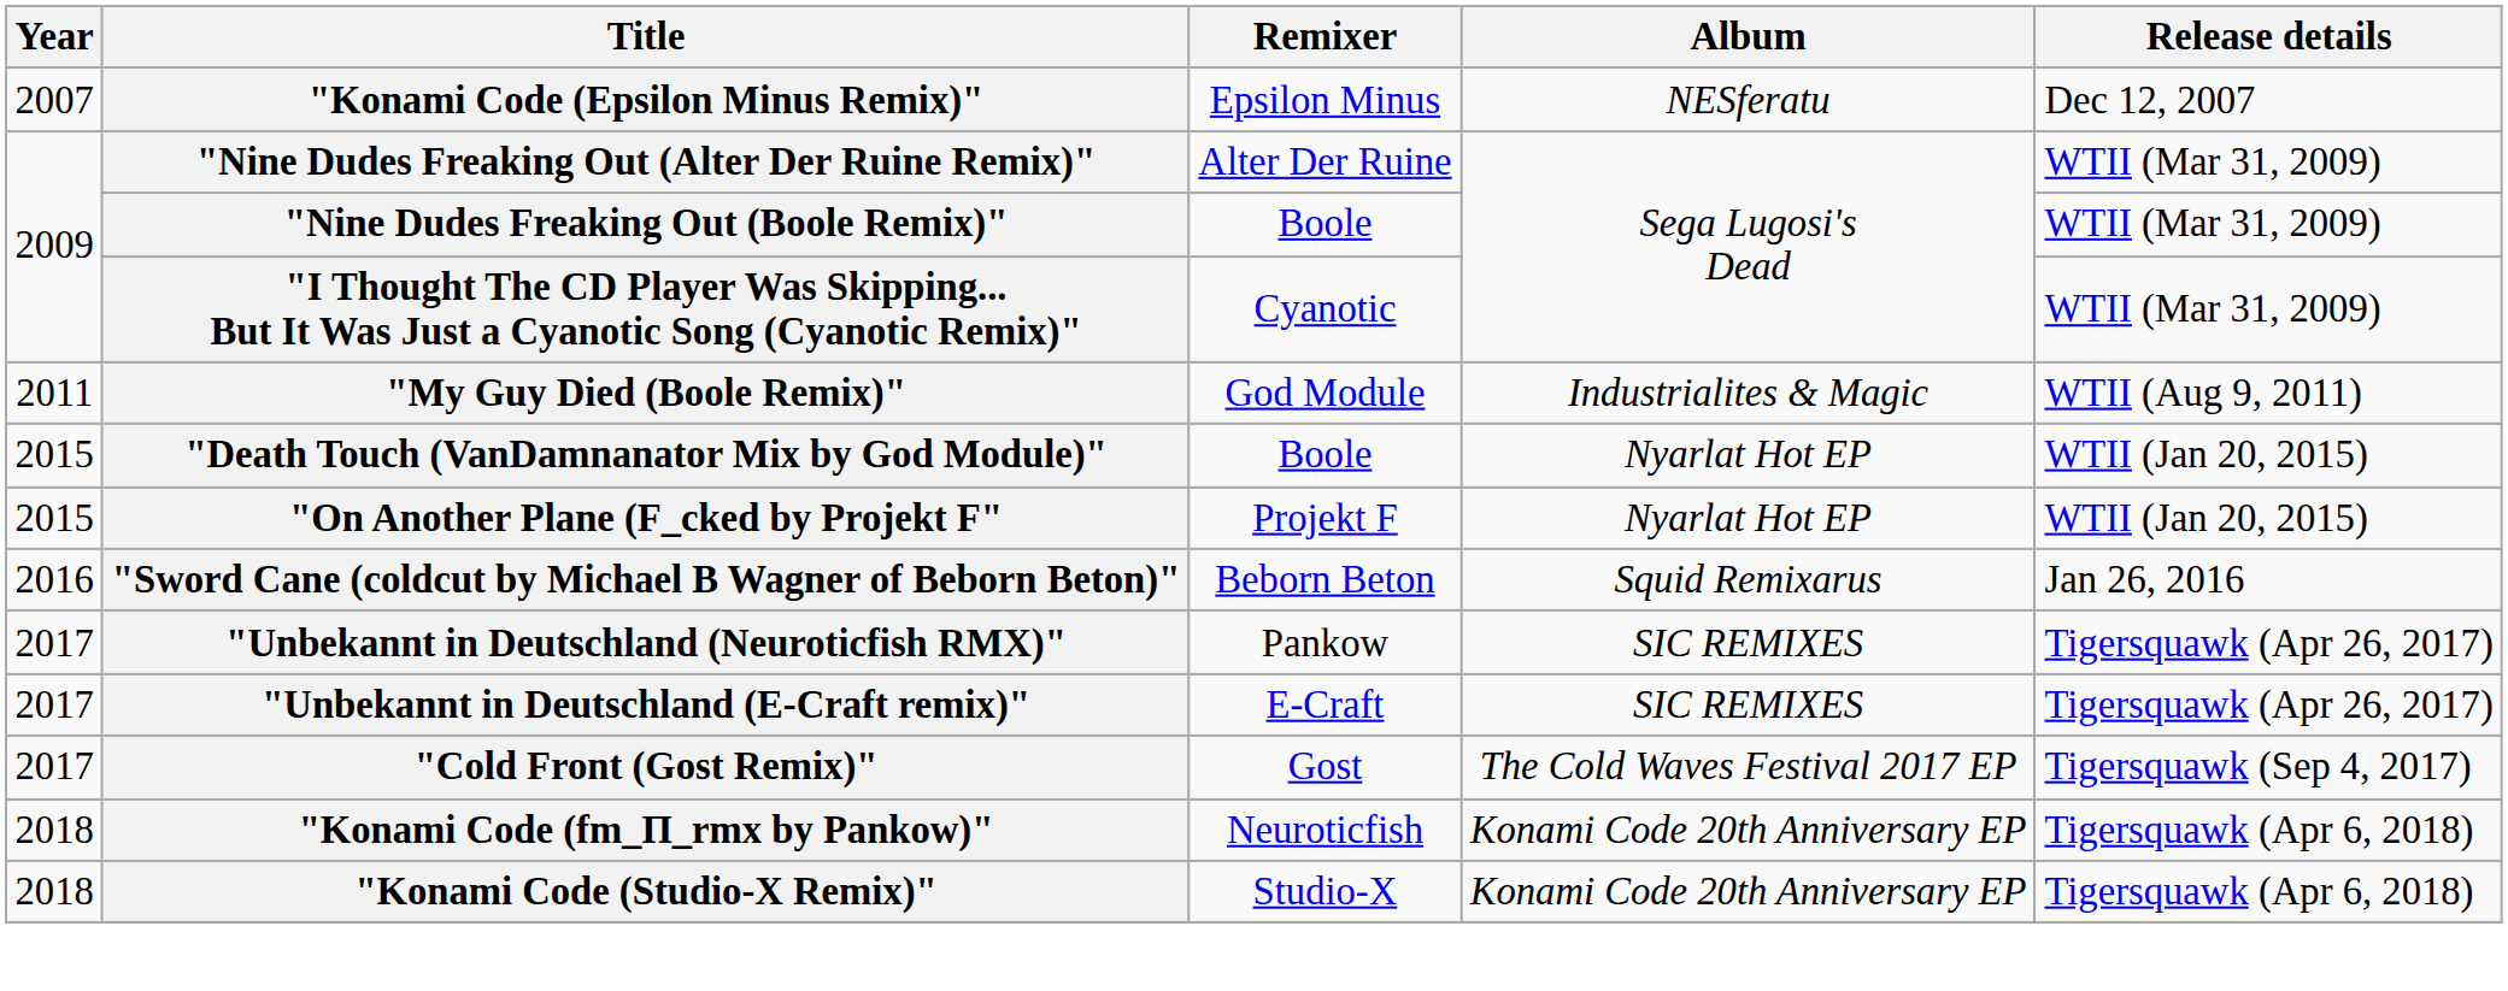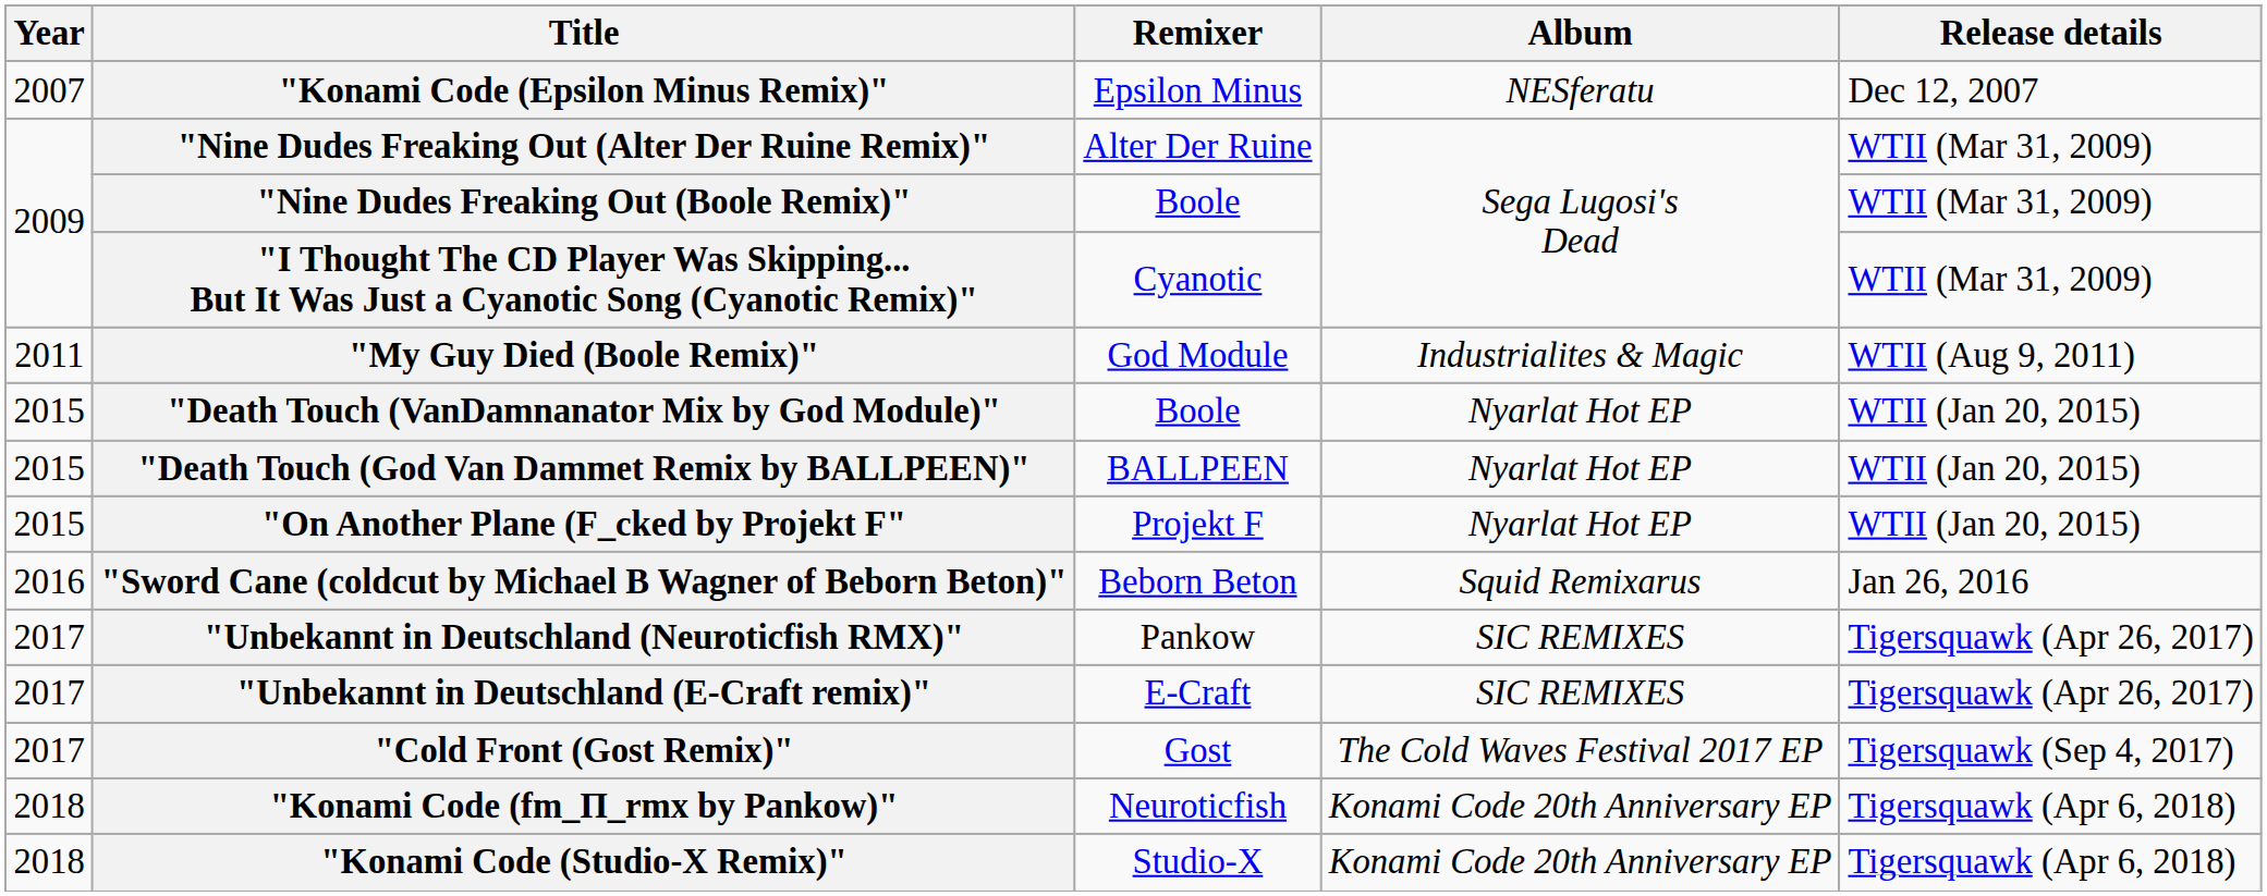 <table class="wikitable plainrowheaders" style="text-align:center;">
 <tr>
 <th scope="col" rowspan="1">Year</th>
 <th scope="col" rowspan="1">Title</th>
 <th scope="col" rowspan="1">Remixer</th>
 <th scope="col" rowspan="1">Album</th>
 <th scope="col" rowspan="1">Release details</th>
 </tr>
 <tr>
 <td rowspan="1">2007</td>
 <th scope="row">"Konami Code (Epsilon Minus Remix)"</th>
 <td><a href='#'>Epsilon Minus</a></td>
 <td><em>NESferatu</em></td>
 <td align=left>Dec 12, 2007</td>
 </tr>
 <tr>
 <td rowspan="3">2009</td>
 <th scope="row">"Nine Dudes Freaking Out (Alter Der Ruine Remix)"</th>
 <td><a href='#'>Alter Der Ruine</a></td>
 <td rowspan="3"><em>Sega Lugosi's<br>Dead</em></td>
 <td align=left><a href='#'>WTII</a> (Mar 31, 2009)</td>
 </tr>
 <tr>
 <th scope="row">"Nine Dudes Freaking Out (Boole Remix)"</th>
 <td><a href='#'>Boole</a></td>
 <td align=left><a href='#'>WTII</a> (Mar 31, 2009)</td>
 </tr>
 <tr>
 <th scope="row">"I Thought The CD Player Was Skipping... <br>But It Was Just a Cyanotic Song (Cyanotic Remix)"</th>
 <td><a href='#'>Cyanotic</a></td>
 <td align=left><a href='#'>WTII</a> (Mar 31, 2009)</td>
 </tr>
 <tr>
 <td rowspan="1">2011</td>
 <th scope="row">"My Guy Died (Boole Remix)"</th>
 <td><a href='#'>God Module</a></td>
 <td><em>Industrialites & Magic</em></td>
 <td align=left><a href='#'>WTII</a> (Aug 9, 2011)</td>
 </tr>
 <tr>
 <td rowspan="1">2015</td>
 <th scope="row">"Death Touch (VanDamnanator Mix by God Module)"</th>
 <td><a href='#'>Boole</a></td>
+<td><em>Nyarlat Hot EP</em></td>
+<td align=left><a href='#'>WTII</a> (Jan 20, 2015)</td>
+</tr>
+<tr>
+<td rowspan="1">2015</td>
+<th scope="row">"Death Touch (God Van Dammet Remix by BALLPEEN)"</th>
+<td><a href='#'>BALLPEEN</a></td>
 <td><em>Nyarlat Hot EP</em></td>
 <td align=left><a href='#'>WTII</a> (Jan 20, 2015)</td>
 </tr>
 <tr>
 <td rowspan="1">2015</td>
 <th scope="row">"On Another Plane (F_cked by Projekt F"</th>
 <td><a href='#'>Projekt F</a></td>
 <td><em>Nyarlat Hot EP</em></td>
 <td align=left><a href='#'>WTII</a> (Jan 20, 2015)</td>
 </tr>
 <tr>
 <td rowspan="1">2016</td>
 <th scope="row">"Sword Cane (coldcut by Michael B Wagner of Beborn Beton)"</th>
 <td><a href='#'>Beborn Beton</a></td>
 <td><em>Squid Remixarus</em></td>
 <td align=left>Jan 26, 2016</td>
 </tr>
 <tr>
 <td rowspan="1">2017</td>
 <th scope="row">"Unbekannt in Deutschland (Neuroticfish RMX)"</th>
 <td>Pankow</td>
 <td><em>SIC REMIXES</em></td>
 <td align=left><a href='#'>Tigersquawk</a> (Apr 26, 2017)</td>
 </tr>
 <tr>
 <td rowspan="1">2017</td>
 <th scope="row">"Unbekannt in Deutschland (E-Craft remix)"</th>
 <td><a href='#'>E-Craft</a></td>
 <td><em>SIC REMIXES</em></td>
 <td align=left><a href='#'>Tigersquawk</a> (Apr 26, 2017)</td>
 </tr>
 <tr>
 <td rowspan="1">2017</td>
 <th scope="row">"Cold Front (Gost Remix)"</th>
 <td><a href='#'>Gost</a></td>
 <td><em>The Cold Waves Festival 2017 EP</em></td>
 <td align=left><a href='#'>Tigersquawk</a> (Sep 4, 2017)</td>
 </tr>
 <tr>
 <td rowspan="1">2018</td>
 <th scope="row">"Konami Code (fm_П_rmx by Pankow)"</th>
 <td><a href='#'>Neuroticfish</a></td>
 <td><em>Konami Code 20th Anniversary EP</em></td>
 <td align=left><a href='#'>Tigersquawk</a> (Apr 6, 2018)</td>
 </tr>
 <tr>
 <td rowspan="1">2018</td>
 <th scope="row">"Konami Code (Studio-X Remix)"</th>
 <td><a href='#'>Studio-X</a></td>
 <td><em>Konami Code 20th Anniversary EP</em></td>
 <td align=left><a href='#'>Tigersquawk</a> (Apr 6, 2018)</td>
 </tr>
 <tr>
 </tr>
 </table>
